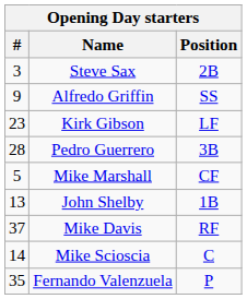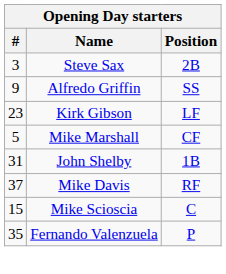 <table class="wikitable" style="text-align:center">
 <tr>
 <th colspan="3">Opening Day starters</th>
 </tr>
 <tr>
 <th>#</th>
 <th>Name</th>
 <th>Position</th>
 </tr>
 <tr>
 <td>3</td>
 <td><a href='#'>Steve Sax</a></td>
 <td><a href='#'>2B</a></td>
 </tr>
 <tr>
 <td>9</td>
 <td><a href='#'>Alfredo Griffin</a></td>
 <td><a href='#'>SS</a></td>
 </tr>
 <tr>
 <td>23</td>
 <td><a href='#'>Kirk Gibson</a></td>
 <td><a href='#'>LF</a></td>
 </tr>
 <tr>
-<td>28</td>
-<td><a href='#'>Pedro Guerrero</a></td>
-<td><a href='#'>3B</a></td>
-</tr>
-<tr>
 <td>5</td>
 <td><a href='#'>Mike Marshall</a></td>
 <td><a href='#'>CF</a></td>
 </tr>
 <tr>
-<td>13</td>
+<td>31</td>
 <td><a href='#'>John Shelby</a></td>
 <td><a href='#'>1B</a></td>
 </tr>
 <tr>
 <td>37</td>
 <td><a href='#'>Mike Davis</a></td>
 <td><a href='#'>RF</a></td>
 </tr>
 <tr>
-<td>14</td>
+<td>15</td>
 <td><a href='#'>Mike Scioscia</a></td>
 <td><a href='#'>C</a></td>
 </tr>
 <tr>
 <td>35</td>
 <td><a href='#'>Fernando Valenzuela</a></td>
 <td><a href='#'>P</a></td>
 </tr>
 </table>
